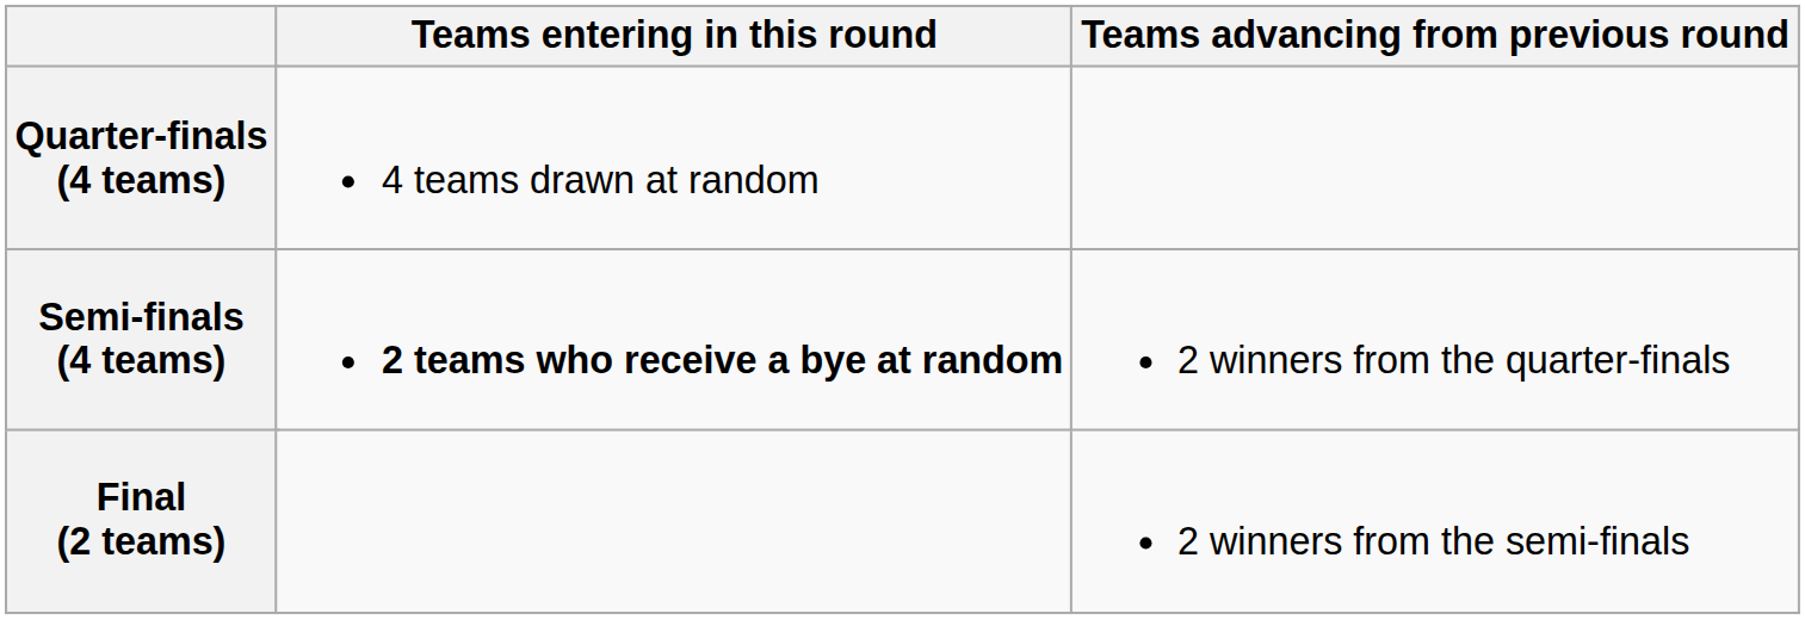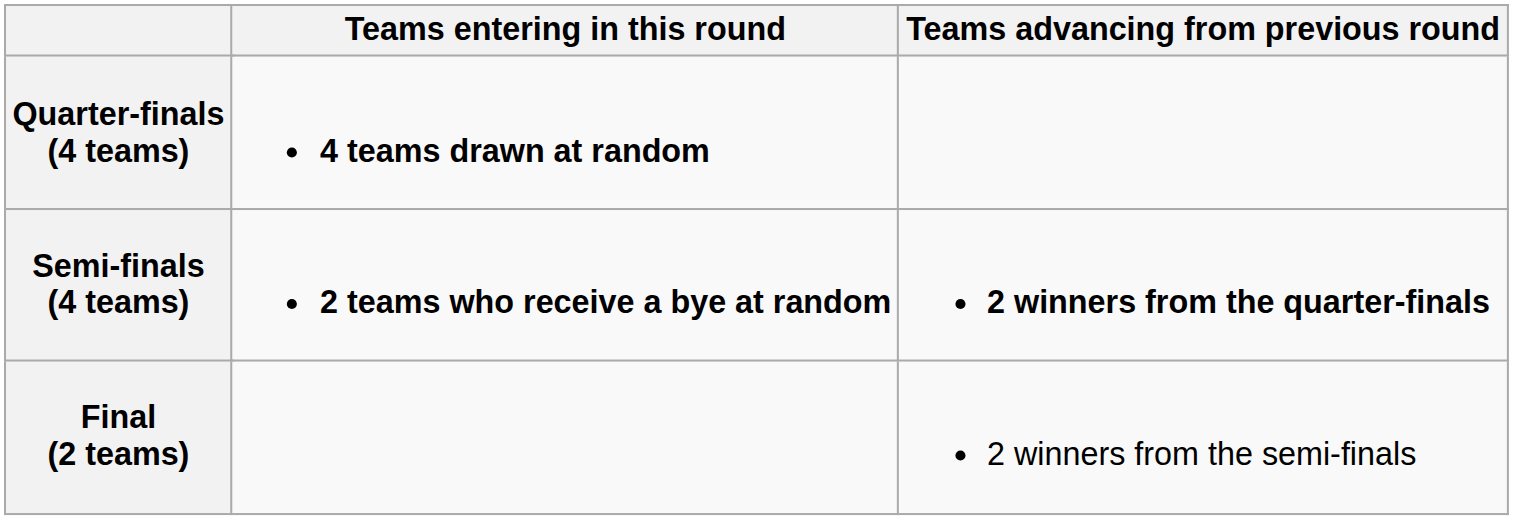 <table class="wikitable">
 <tr>
 <th colspan=2></th>
 <th>Teams entering in this round</th>
 <th>Teams advancing from previous round</th>
 </tr>
 <tr>
 <th colspan=2>Quarter-finals<br>(4 teams)</th>
-<td><br><ul><li>4 teams drawn at random</li></ul></td>
+<td><strong><br><ul><li>4 teams drawn at random</li></ul></strong></td>
 <td></td>
 </tr>
 <tr>
 <th colspan=2>Semi-finals<br>(4 teams)</th>
 <td><strong><br><ul><li>2 teams who receive a bye at random</li></ul></strong></td>
-<td><br><ul><li>2 winners from the quarter-finals</li></ul></td>
+<td><strong><br><ul><li>2 winners from the quarter-finals</li></ul></strong></td>
 </tr>
 <tr>
 <th colspan=2>Final<br>(2 teams)</th>
 <td></td>
 <td><br><ul><li>2 winners from the semi-finals</li></ul></td>
 </tr>
 </table>
